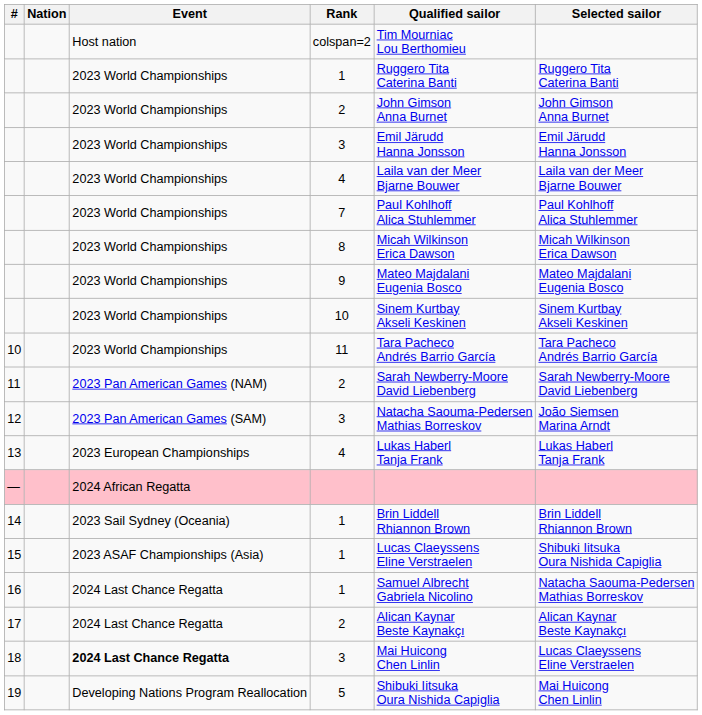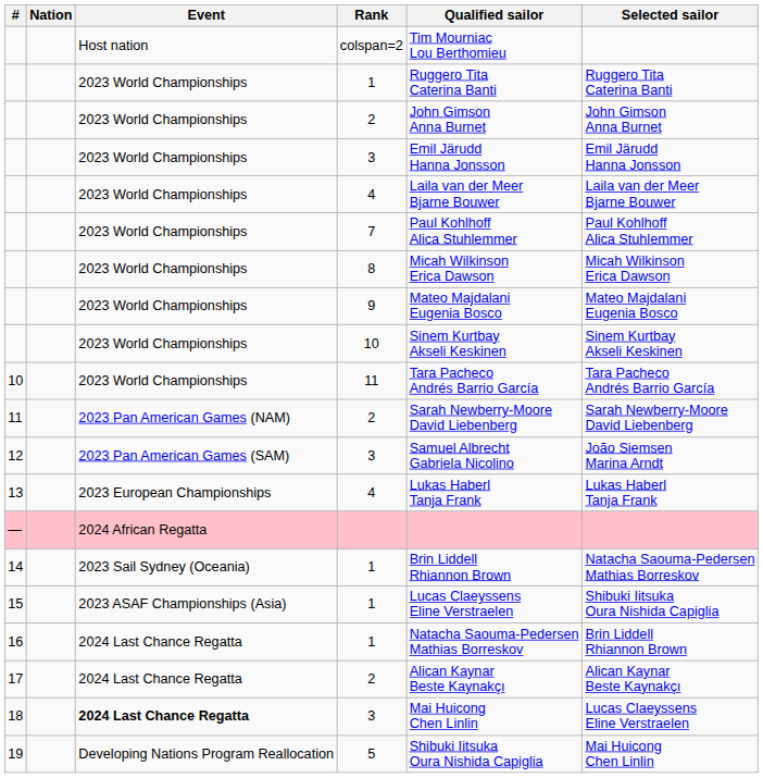 <table class="sortable wikitable">
 <tr>
 <th>#</th>
 <th>Nation</th>
 <th>Event</th>
 <th>Rank</th>
 <th>Qualified sailor</th>
 <th>Selected sailor</th>
 </tr>
 <tr>
 <td></td>
 <td></td>
 <td>Host nation</td>
 <td>colspan=2 </td>
 <td><a href='#'>Tim Mourniac</a><br><a href='#'>Lou Berthomieu</a></td>
 </tr>
 <tr>
 <td></td>
 <td></td>
 <td>2023 World Championships</td>
 <td align=center>1</td>
 <td><a href='#'>Ruggero Tita </a><br><a href='#'>Caterina Banti</a></td>
 <td><a href='#'>Ruggero Tita</a><br><a href='#'>Caterina Banti</a></td>
 </tr>
 <tr>
 <td></td>
 <td></td>
 <td>2023 World Championships</td>
 <td align=center>2</td>
 <td><a href='#'>John Gimson</a><br><a href='#'>Anna Burnet</a></td>
 <td><a href='#'>John Gimson</a><br><a href='#'>Anna Burnet</a></td>
 </tr>
 <tr>
 <td></td>
 <td></td>
 <td>2023 World Championships</td>
 <td align=center>3</td>
 <td><a href='#'>Emil Järudd</a><br><a href='#'>Hanna Jonsson</a></td>
 <td><a href='#'>Emil Järudd</a><br><a href='#'>Hanna Jonsson</a></td>
 </tr>
 <tr>
 <td></td>
 <td></td>
 <td>2023 World Championships</td>
 <td align=center>4</td>
 <td><a href='#'>Laila van der Meer</a><br><a href='#'>Bjarne Bouwer</a></td>
 <td><a href='#'>Laila van der Meer</a><br><a href='#'>Bjarne Bouwer</a></td>
 </tr>
 <tr>
 <td></td>
 <td></td>
 <td>2023 World Championships</td>
 <td align=center>7</td>
 <td><a href='#'>Paul Kohlhoff</a><br><a href='#'>Alica Stuhlemmer</a></td>
 <td><a href='#'>Paul Kohlhoff</a><br><a href='#'>Alica Stuhlemmer</a></td>
 </tr>
 <tr>
 <td></td>
 <td></td>
 <td>2023 World Championships</td>
 <td align=center>8</td>
 <td><a href='#'>Micah Wilkinson</a><br><a href='#'>Erica Dawson</a></td>
 <td><a href='#'>Micah Wilkinson</a><br><a href='#'>Erica Dawson</a></td>
 </tr>
 <tr>
 <td></td>
 <td></td>
 <td>2023 World Championships</td>
 <td align=center>9</td>
 <td><a href='#'>Mateo Majdalani</a><br><a href='#'>Eugenia Bosco</a></td>
 <td><a href='#'>Mateo Majdalani</a><br><a href='#'>Eugenia Bosco</a></td>
 </tr>
 <tr>
 <td></td>
 <td></td>
 <td>2023 World Championships</td>
 <td align=center>10</td>
 <td><a href='#'>Sinem Kurtbay</a><br><a href='#'>Akseli Keskinen</a></td>
 <td><a href='#'>Sinem Kurtbay</a><br><a href='#'>Akseli Keskinen</a></td>
 </tr>
 <tr>
 <td>10</td>
 <td></td>
 <td>2023 World Championships</td>
 <td align=center>11</td>
 <td><a href='#'>Tara Pacheco</a><br><a href='#'>Andrés Barrio García</a></td>
 <td><a href='#'>Tara Pacheco</a><br><a href='#'>Andrés Barrio García</a></td>
 </tr>
 <tr>
 <td>11</td>
 <td></td>
 <td><a href='#'>2023 Pan American Games</a> (NAM)</td>
 <td align=center>2</td>
 <td><a href='#'>Sarah Newberry-Moore</a><br><a href='#'>David Liebenberg</a></td>
 <td><a href='#'>Sarah Newberry-Moore</a><br><a href='#'>David Liebenberg</a></td>
 </tr>
 <tr>
 <td>12</td>
 <td></td>
 <td><a href='#'>2023 Pan American Games</a> (SAM)</td>
 <td align=center>3</td>
-<td><a href='#'>Natacha Saouma-Pedersen</a><br><a href='#'>Mathias Borreskov</a></td>
+<td><a href='#'>Samuel Albrecht</a><br><a href='#'>Gabriela Nicolino</a></td>
 <td><a href='#'>João Siemsen</a><br><a href='#'>Marina Arndt</a></td>
 </tr>
 <tr>
 <td>13</td>
 <td></td>
 <td>2023 European Championships</td>
 <td align=center>4</td>
 <td><a href='#'>Lukas Haberl</a><br><a href='#'>Tanja Frank</a></td>
 <td><a href='#'>Lukas Haberl</a><br><a href='#'>Tanja Frank</a></td>
 </tr>
 <tr style="background:pink;">
 <td>—</td>
 <td></td>
 <td>2024 African Regatta</td>
 <td></td>
 <td> <br> </td>
 <td></td>
 </tr>
 <tr>
 <td>14</td>
 <td></td>
 <td>2023 Sail Sydney (Oceania)</td>
 <td align=center>1</td>
 <td><a href='#'>Brin Liddell</a><br><a href='#'>Rhiannon Brown</a></td>
-<td><a href='#'>Brin Liddell</a><br><a href='#'>Rhiannon Brown</a></td>
+<td><a href='#'>Natacha Saouma-Pedersen</a><br><a href='#'>Mathias Borreskov</a></td>
 </tr>
 <tr>
 <td>15</td>
 <td></td>
 <td>2023 ASAF Championships (Asia)</td>
 <td align=center>1</td>
 <td><a href='#'>Lucas Claeyssens</a><br><a href='#'>Eline Verstraelen</a></td>
 <td><a href='#'>Shibuki Iitsuka</a><br><a href='#'>Oura Nishida Capiglia</a></td>
 </tr>
 <tr>
 <td>16</td>
 <td></td>
 <td>2024 Last Chance Regatta</td>
 <td align=center>1</td>
-<td><a href='#'>Samuel Albrecht</a><br><a href='#'>Gabriela Nicolino</a></td>
 <td><a href='#'>Natacha Saouma-Pedersen</a><br><a href='#'>Mathias Borreskov</a></td>
+<td><a href='#'>Brin Liddell</a><br><a href='#'>Rhiannon Brown</a></td>
 </tr>
 <tr>
 <td>17</td>
 <td></td>
 <td>2024 Last Chance Regatta</td>
 <td align=center>2</td>
 <td><a href='#'>Alican Kaynar</a><br><a href='#'>Beste Kaynakçı</a></td>
 <td><a href='#'>Alican Kaynar</a><br><a href='#'>Beste Kaynakçı</a></td>
 </tr>
 <tr>
 <td>18</td>
 <td></td>
 <td><strong>2024 Last Chance Regatta</strong></td>
 <td align=center>3</td>
 <td><a href='#'>Mai Huicong</a><br><a href='#'>Chen Linlin</a></td>
 <td><a href='#'>Lucas Claeyssens</a><br><a href='#'>Eline Verstraelen</a></td>
 </tr>
 <tr>
 <td>19</td>
 <td></td>
 <td>Developing Nations Program Reallocation</td>
 <td align=center>5</td>
 <td><a href='#'>Shibuki Iitsuka</a><br><a href='#'>Oura Nishida Capiglia</a></td>
 <td><a href='#'>Mai Huicong</a><br><a href='#'>Chen Linlin</a></td>
 </tr>
 </table>
